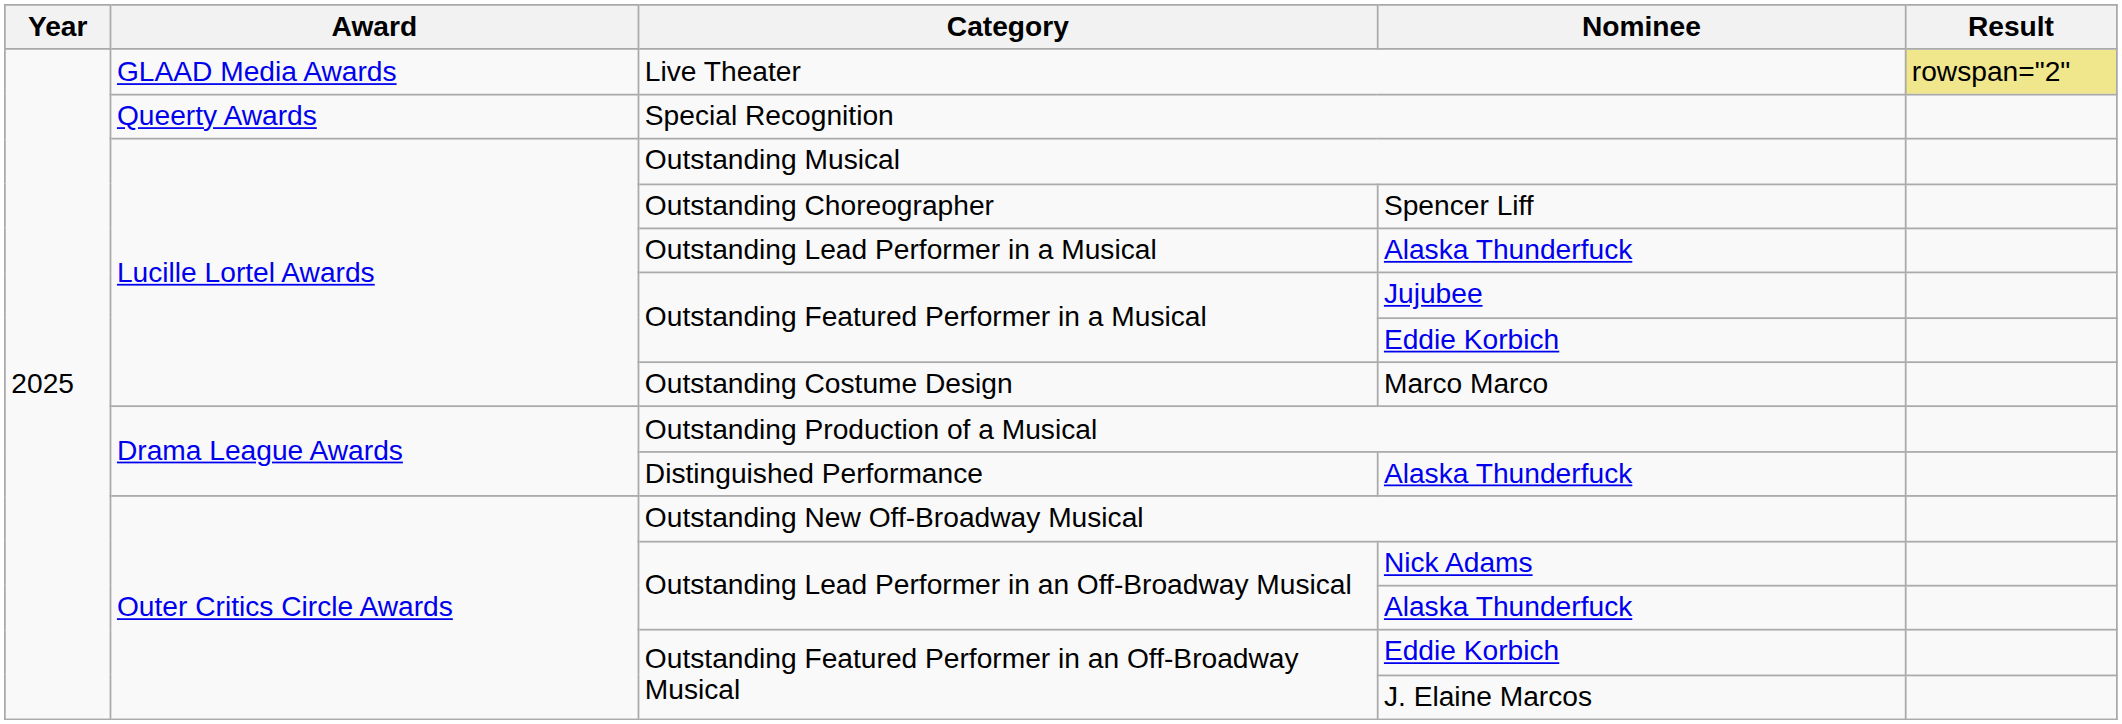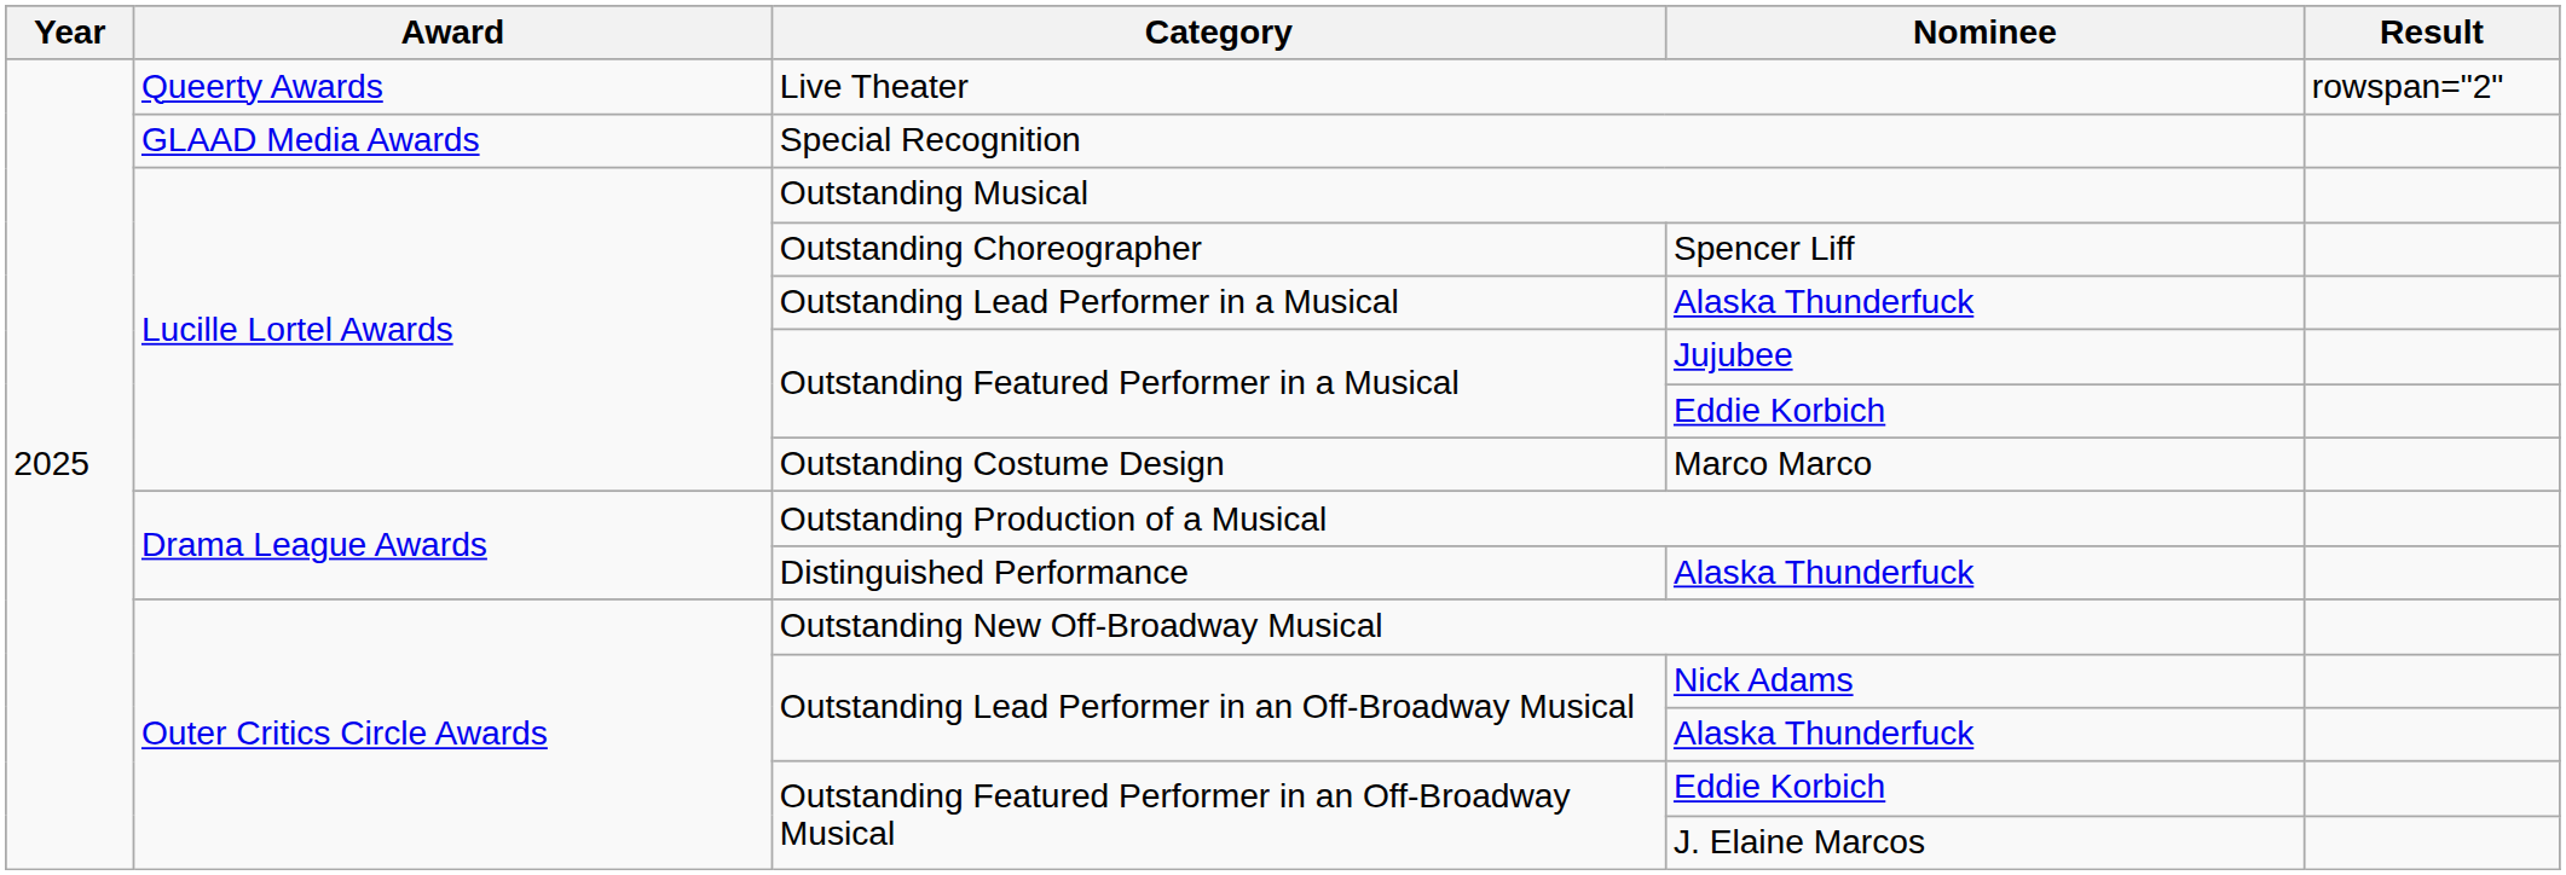 <table class="wikitable" width="95%">
 <tr>
 <th width="5%">Year</th>
 <th width="25%">Award</th>
 <th width="35%">Category</th>
 <th width="25%">Nominee</th>
 <th width="10%">Result</th>
 </tr>
 <tr>
 <td rowspan="15">2025</td>
-<td><a href='#'>GLAAD Media Awards</a></td>
+<td><a href='#'>Queerty Awards</a></td>
 <td colspan="2">Live Theater</td>
-<td style="background: khaki;">rowspan="2"</td>
+<td>rowspan="2"</td>
 </tr>
 <tr>
-<td><a href='#'>Queerty Awards</a></td>
+<td><a href='#'>GLAAD Media Awards</a></td>
 <td colspan="2">Special Recognition</td>
 </tr>
 <tr>
 <td rowspan="6"><a href='#'>Lucille Lortel Awards</a></td>
 <td colspan="2">Outstanding Musical</td>
 <td></td>
 </tr>
 <tr>
 <td>Outstanding Choreographer</td>
 <td>Spencer Liff</td>
 <td></td>
 </tr>
 <tr>
 <td>Outstanding Lead Performer in a Musical</td>
 <td><a href='#'>Alaska Thunderfuck</a></td>
 <td></td>
 </tr>
 <tr>
 <td rowspan="2">Outstanding Featured Performer in a Musical</td>
 <td><a href='#'>Jujubee</a></td>
 <td></td>
 </tr>
 <tr>
 <td><a href='#'>Eddie Korbich</a></td>
 <td></td>
 </tr>
 <tr>
 <td>Outstanding Costume Design</td>
 <td>Marco Marco</td>
 <td></td>
 </tr>
 <tr>
 <td rowspan="2"><a href='#'>Drama League Awards</a></td>
 <td colspan="2">Outstanding Production of a Musical</td>
 <td></td>
 </tr>
 <tr>
 <td>Distinguished Performance</td>
 <td><a href='#'>Alaska Thunderfuck</a></td>
 <td></td>
 </tr>
 <tr>
 <td rowspan="5"><a href='#'>Outer Critics Circle Awards</a></td>
 <td colspan="2">Outstanding New Off-Broadway Musical</td>
 <td></td>
 </tr>
 <tr>
 <td rowspan="2">Outstanding Lead Performer in an Off-Broadway Musical</td>
 <td><a href='#'>Nick Adams</a></td>
 <td></td>
 </tr>
 <tr>
 <td><a href='#'>Alaska Thunderfuck</a></td>
 <td></td>
 </tr>
 <tr>
 <td rowspan="2">Outstanding Featured Performer in an Off-Broadway Musical</td>
 <td><a href='#'>Eddie Korbich</a></td>
 <td></td>
 </tr>
 <tr>
 <td>J. Elaine Marcos</td>
 <td></td>
 </tr>
 </table>
